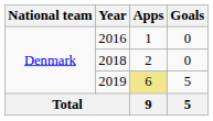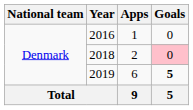 <table class="wikitable" style="text-align:center">
 <tr>
 <th>National team</th>
 <th>Year</th>
 <th>Apps</th>
 <th>Goals</th>
 </tr>
 <tr>
 <td rowspan="3"><a href='#'>Denmark</a></td>
 <td>2016</td>
 <td>1</td>
 <td>0</td>
 </tr>
 <tr>
 <td>2018</td>
 <td>2</td>
-<td>0</td>
+<td style="background: pink;">0</td>
 </tr>
 <tr>
 <td>2019</td>
-<td style="background: khaki;">6</td>
-<td>5</td>
+<td>6</td>
+<td><strong>5</strong></td>
 </tr>
 <tr>
 <th colspan="2">Total</th>
 <th>9</th>
 <th>5</th>
 </tr>
 </table>
